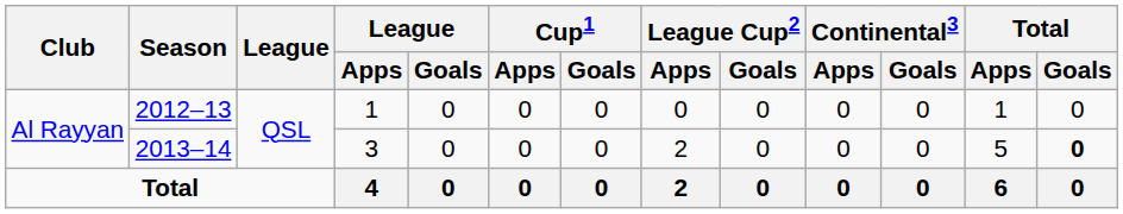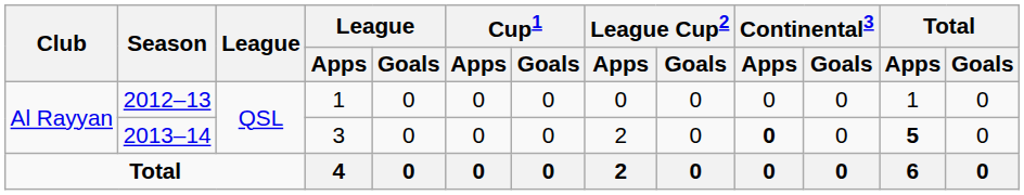 <table class="wikitable" style="font-size:90%; text-align:center;">
 <tr>
 <th rowspan="2">Club</th>
 <th rowspan="2">Season</th>
 <th rowspan="2">League</th>
 <th colspan="2">League</th>
 <th colspan="2">Cup<sup><a href='#'>1</a></sup></th>
 <th colspan="2">League Cup<sup><a href='#'>2</a></sup></th>
 <th colspan="2">Continental<sup><a href='#'>3</a></sup></th>
 <th colspan="2">Total</th>
 </tr>
 <tr>
 <th>Apps</th>
 <th>Goals</th>
 <th>Apps</th>
 <th>Goals</th>
 <th>Apps</th>
 <th>Goals</th>
 <th>Apps</th>
 <th>Goals</th>
 <th>Apps</th>
 <th>Goals</th>
 </tr>
 <tr>
 <td rowspan="2"><a href='#'>Al Rayyan</a></td>
 <td><a href='#'>2012–13</a></td>
 <td rowspan="2" valign="center"><a href='#'>QSL</a></td>
 <td>1</td>
 <td>0</td>
 <td>0</td>
 <td>0</td>
 <td>0</td>
 <td>0</td>
 <td>0</td>
 <td>0</td>
 <td>1</td>
 <td>0</td>
 </tr>
 <tr>
 <td><a href='#'>2013–14</a></td>
 <td>3</td>
 <td>0</td>
 <td>0</td>
 <td>0</td>
 <td>2</td>
 <td>0</td>
+<td><strong>0</strong></td>
 <td>0</td>
+<td><strong>5</strong></td>
 <td>0</td>
-<td>5</td>
-<td><strong>0</strong></td>
 </tr>
 <tr>
 <td colspan="3" valign="center"><strong>Total</strong></td>
 <th>4</th>
 <th>0</th>
 <th>0</th>
 <th>0</th>
 <th>2</th>
 <th>0</th>
 <th>0</th>
 <th>0</th>
 <th>6</th>
 <th>0</th>
 </tr>
 </table>
